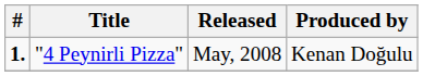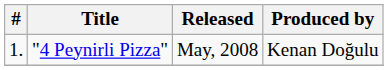 <table class="wikitable">
 <tr>
 <th>#</th>
 <th>Title</th>
 <th>Released</th>
 <th>Produced by</th>
 </tr>
 <tr>
-<td><strong>1.</strong></td>
+<td>1.</td>
 <td>"<a href='#'>4 Peynirli Pizza</a>"</td>
 <td>May, 2008</td>
 <td>Kenan Doğulu</td>
 </tr>
 <tr>
 </tr>
 </table>
